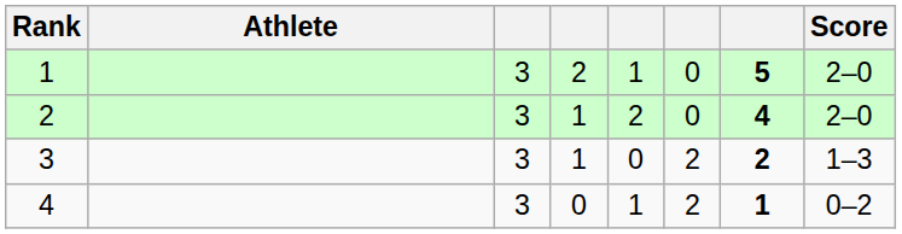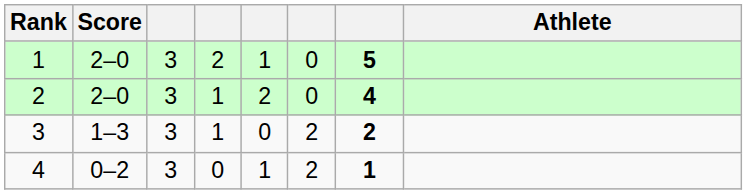 <table class="wikitable" style="text-align: center;">
 <tr>
 <th width=25>Rank</th>
-<th width=225>Athlete</th>
+<th width=40>Score</th>
 <th width=25></th>
 <th width=25></th>
 <th width=25></th>
 <th width=25></th>
 <th width=40></th>
-<th width=40>Score</th>
+<th width=225>Athlete</th>
 </tr>
 <tr bgcolor=ccffcc>
 <td>1</td>
-<td align=left></td>
+<td>2–0</td>
 <td>3</td>
 <td>2</td>
 <td>1</td>
 <td>0</td>
 <td><strong>5</strong></td>
-<td>2–0</td>
+<td align=left></td>
 </tr>
 <tr bgcolor=ccffcc>
 <td>2</td>
-<td align=left></td>
+<td>2–0</td>
 <td>3</td>
 <td>1</td>
 <td>2</td>
 <td>0</td>
 <td><strong>4</strong></td>
-<td>2–0</td>
+<td align=left></td>
 </tr>
 <tr>
 <td>3</td>
-<td align=left></td>
+<td>1–3</td>
 <td>3</td>
 <td>1</td>
 <td>0</td>
 <td>2</td>
 <td><strong>2</strong></td>
-<td>1–3</td>
+<td align=left></td>
 </tr>
 <tr>
 <td>4</td>
-<td align=left></td>
+<td>0–2</td>
 <td>3</td>
 <td>0</td>
 <td>1</td>
 <td>2</td>
 <td><strong>1</strong></td>
-<td>0–2</td>
+<td align=left></td>
 </tr>
 </table>
